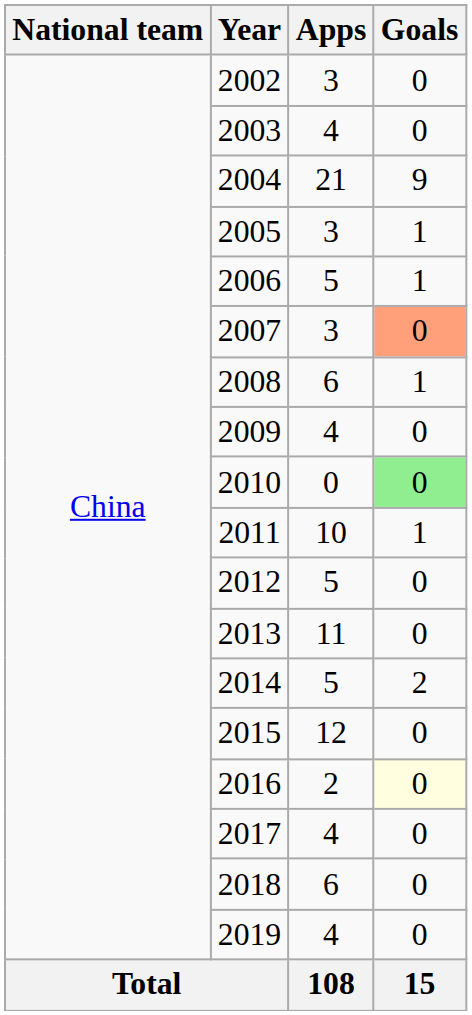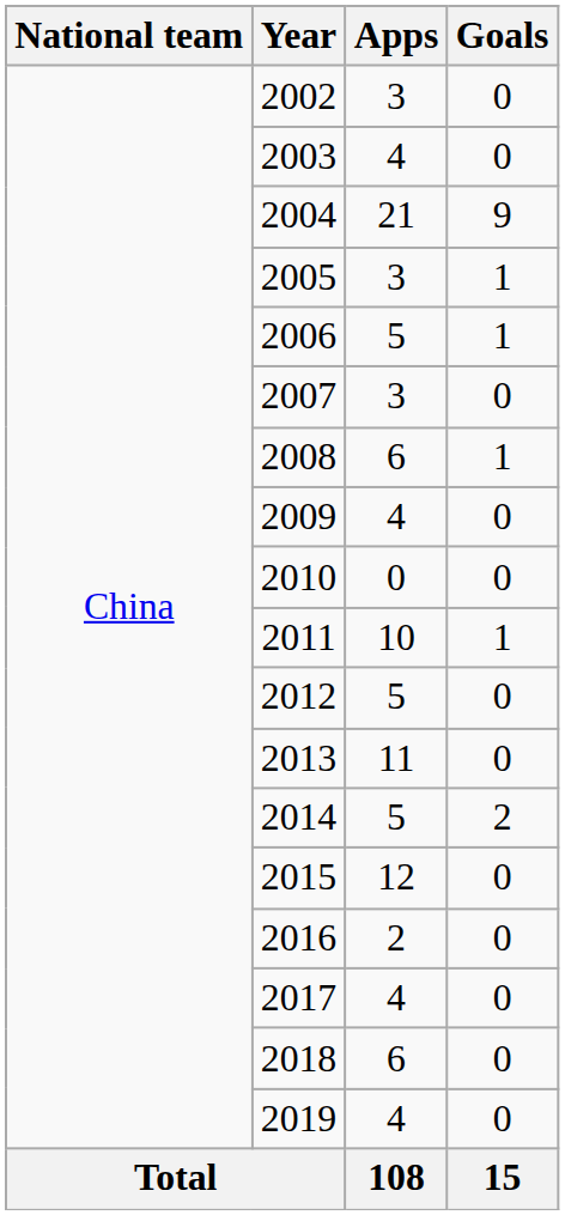 <table class="wikitable" style="text-align:center">
 <tr>
 <th>National team</th>
 <th>Year</th>
 <th>Apps</th>
 <th>Goals</th>
 </tr>
 <tr>
 <td rowspan="18"><a href='#'>China</a></td>
 <td>2002</td>
 <td>3</td>
 <td>0</td>
 </tr>
 <tr>
 <td>2003</td>
 <td>4</td>
 <td>0</td>
 </tr>
 <tr>
 <td>2004</td>
 <td>21</td>
 <td>9</td>
 </tr>
 <tr>
 <td>2005</td>
 <td>3</td>
 <td>1</td>
 </tr>
 <tr>
 <td>2006</td>
 <td>5</td>
 <td>1</td>
 </tr>
 <tr>
 <td>2007</td>
 <td>3</td>
-<td style="background: lightsalmon;">0</td>
+<td>0</td>
 </tr>
 <tr>
 <td>2008</td>
 <td>6</td>
 <td>1</td>
 </tr>
 <tr>
 <td>2009</td>
 <td>4</td>
 <td>0</td>
 </tr>
 <tr>
 <td>2010</td>
 <td>0</td>
-<td style="background: lightgreen;">0</td>
+<td>0</td>
 </tr>
 <tr>
 <td>2011</td>
 <td>10</td>
 <td>1</td>
 </tr>
 <tr>
 <td>2012</td>
 <td>5</td>
 <td>0</td>
 </tr>
 <tr>
 <td>2013</td>
 <td>11</td>
 <td>0</td>
 </tr>
 <tr>
 <td>2014</td>
 <td>5</td>
 <td>2</td>
 </tr>
 <tr>
 <td>2015</td>
 <td>12</td>
 <td>0</td>
 </tr>
 <tr>
 <td>2016</td>
 <td>2</td>
-<td style="background: lightyellow;">0</td>
+<td>0</td>
 </tr>
 <tr>
 <td>2017</td>
 <td>4</td>
 <td>0</td>
 </tr>
 <tr>
 <td>2018</td>
 <td>6</td>
 <td>0</td>
 </tr>
 <tr>
 <td>2019</td>
 <td>4</td>
 <td>0</td>
 </tr>
 <tr>
 <th colspan="2">Total</th>
 <th>108</th>
 <th>15</th>
 </tr>
 </table>
